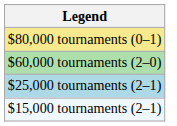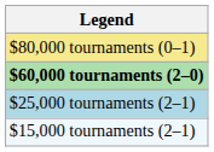 <table class=wikitable style=font-size:85%>
 <tr>
 <th>Legend</th>
 </tr>
 <tr style="background:#f7e98e;">
 <td>$80,000 tournaments (0–1)</td>
 </tr>
 <tr style="background:#addfad;">
-<td>$60,000 tournaments (2–0)</td>
+<td><strong>$60,000 tournaments (2–0)</strong></td>
 </tr>
 <tr style="background:lightblue;">
 <td>$25,000 tournaments (2–1)</td>
 </tr>
 <tr style="background:#f0f8ff;">
 <td>$15,000 tournaments (2–1)</td>
 </tr>
 </table>
